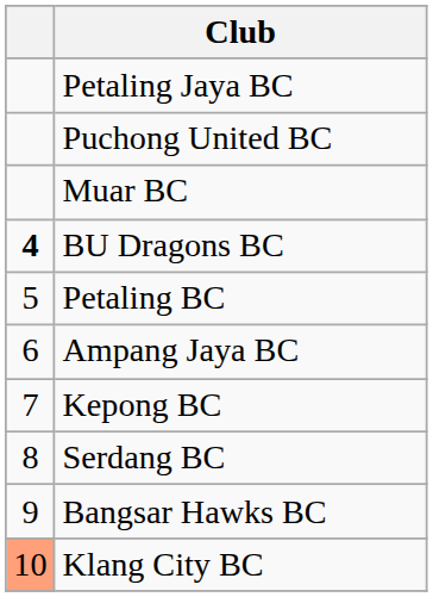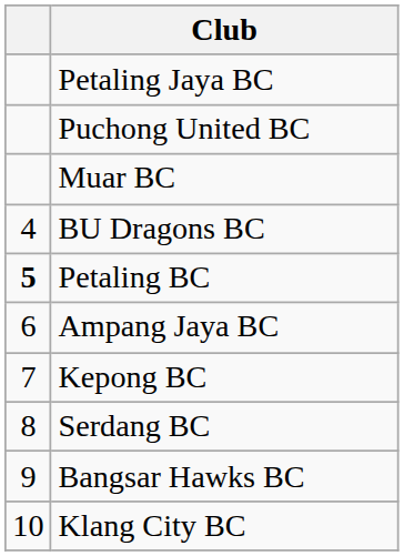 <table class="wikitable">
 <tr>
 <th></th>
 <th width="170">Club</th>
 </tr>
 <tr>
 <td align=center></td>
 <td> Petaling Jaya BC</td>
 </tr>
 <tr>
 <td align=center></td>
 <td> Puchong United BC</td>
 </tr>
 <tr>
 <td align=center></td>
 <td> Muar BC</td>
 </tr>
 <tr>
-<td align=center><strong>4</strong></td>
+<td align=center>4</td>
 <td> BU Dragons BC</td>
 </tr>
 <tr>
-<td align=center>5</td>
+<td align=center><strong>5</strong></td>
 <td> Petaling BC</td>
 </tr>
 <tr>
 <td align=center>6</td>
 <td> Ampang Jaya BC</td>
 </tr>
 <tr>
 <td align=center>7</td>
 <td> Kepong BC</td>
 </tr>
 <tr>
 <td align=center>8</td>
 <td> Serdang BC</td>
 </tr>
 <tr>
 <td align=center>9</td>
 <td> Bangsar Hawks BC</td>
 </tr>
 <tr>
-<td align=center style="background: lightsalmon;">10</td>
+<td align=center>10</td>
 <td> Klang City BC</td>
 </tr>
 </table>
